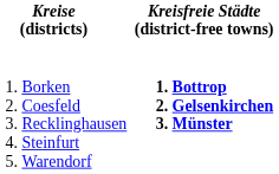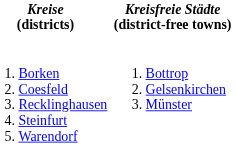 <table>
 <tr>
 <th width=50%><em>Kreise</em><br>(districts)</th>
 <th width=50%><em>Kreisfreie Städte</em><br>(district-free towns)</th>
 </tr>
 <tr valign=top>
 <td><br><ol><li><a href='#'>Borken</a></li><li><a href='#'>Coesfeld</a></li><li><a href='#'>Recklinghausen</a></li><li><a href='#'>Steinfurt</a></li><li><a href='#'>Warendorf</a></li></ol></td>
-<td><strong><br><ol><li><a href='#'>Bottrop</a></li><li><a href='#'>Gelsenkirchen</a></li><li><a href='#'>Münster</a></li></ol></strong></td>
+<td><br><ol><li><a href='#'>Bottrop</a></li><li><a href='#'>Gelsenkirchen</a></li><li><a href='#'>Münster</a></li></ol></td>
 </tr>
 </table>
